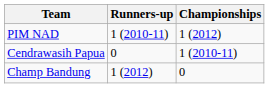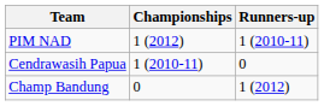 <table class="wikitable sortable" style="text-align:left;">
 <tr>
 <th>Team</th>
+<th>Championships</th>
 <th>Runners-up</th>
-<th>Championships</th>
 </tr>
 <tr>
 <td><a href='#'>PIM NAD</a></td>
+<td> 1 (<a href='#'>2012</a>)</td>
 <td>1 (<a href='#'>2010-11</a>)</td>
-<td> 1 (<a href='#'>2012</a>)</td>
 </tr>
 <tr>
 <td><a href='#'>Cendrawasih Papua</a></td>
+<td> 1 (<a href='#'>2010-11</a>)</td>
 <td>0</td>
-<td> 1 (<a href='#'>2010-11</a>)</td>
 </tr>
 <tr>
 <td><a href='#'>Champ Bandung</a></td>
+<td> 0</td>
 <td>1 (<a href='#'>2012</a>)</td>
-<td> 0</td>
 </tr>
 </table>
